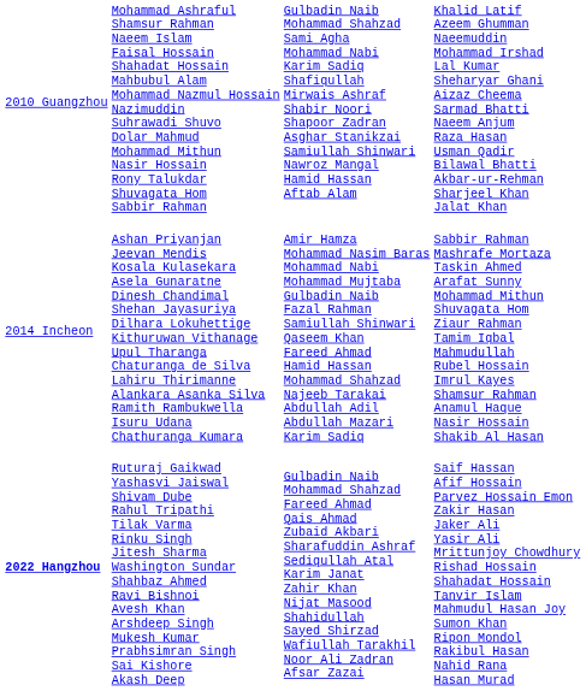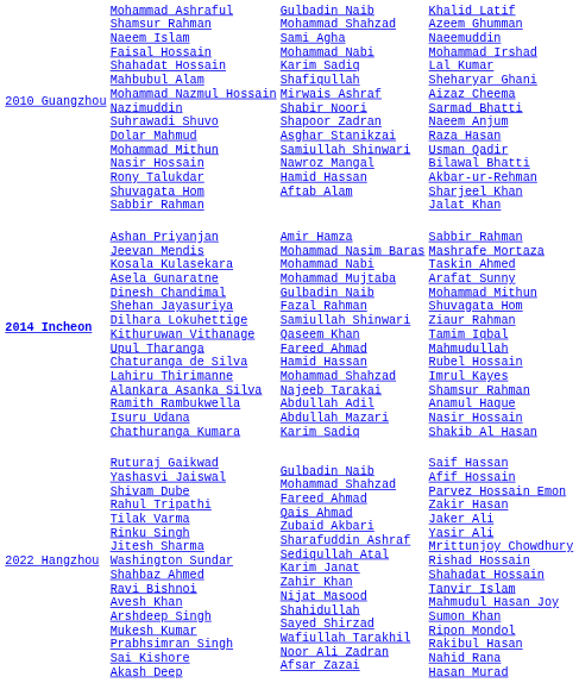 <table>
 <tr>
 <td><a href='#'>2010 Guangzhou</a></td>
 <td><br><a href='#'>Mohammad Ashraful</a><br><a href='#'>Shamsur Rahman</a><br><a href='#'>Naeem Islam</a><br><a href='#'>Faisal Hossain</a><br><a href='#'>Shahadat Hossain</a><br><a href='#'>Mahbubul Alam</a><br><a href='#'>Mohammad Nazmul Hossain</a><br><a href='#'>Nazimuddin</a><br><a href='#'>Suhrawadi Shuvo</a><br><a href='#'>Dolar Mahmud</a><br><a href='#'>Mohammad Mithun</a><br><a href='#'>Nasir Hossain</a><br><a href='#'>Rony Talukdar</a><br><a href='#'>Shuvagata Hom</a><br><a href='#'>Sabbir Rahman</a></td>
 <td valign=top><br><a href='#'>Gulbadin Naib</a><br><a href='#'>Mohammad Shahzad</a><br><a href='#'>Sami Agha</a><br><a href='#'>Mohammad Nabi</a><br><a href='#'>Karim Sadiq</a><br><a href='#'>Shafiqullah</a><br><a href='#'>Mirwais Ashraf</a><br><a href='#'>Shabir Noori</a><br><a href='#'>Shapoor Zadran</a><br><a href='#'>Asghar Stanikzai</a><br><a href='#'>Samiullah Shinwari</a><br><a href='#'>Nawroz Mangal</a><br><a href='#'>Hamid Hassan</a><br><a href='#'>Aftab Alam</a></td>
 <td><br><a href='#'>Khalid Latif</a><br><a href='#'>Azeem Ghumman</a><br><a href='#'>Naeemuddin</a><br><a href='#'>Mohammad Irshad</a><br><a href='#'>Lal Kumar</a><br><a href='#'>Sheharyar Ghani</a><br><a href='#'>Aizaz Cheema</a><br><a href='#'>Sarmad Bhatti</a><br><a href='#'>Naeem Anjum</a><br><a href='#'>Raza Hasan</a><br><a href='#'>Usman Qadir</a><br><a href='#'>Bilawal Bhatti</a><br><a href='#'>Akbar-ur-Rehman</a><br><a href='#'>Sharjeel Khan</a><br><a href='#'>Jalat Khan</a></td>
 </tr>
 <tr>
-<td><a href='#'>2014 Incheon</a></td>
+<td><strong><a href='#'>2014 Incheon</a></strong></td>
 <td><br><a href='#'>Ashan Priyanjan</a><br><a href='#'>Jeevan Mendis</a><br><a href='#'>Kosala Kulasekara</a><br><a href='#'>Asela Gunaratne</a><br><a href='#'>Dinesh Chandimal</a><br><a href='#'>Shehan Jayasuriya</a><br><a href='#'>Dilhara Lokuhettige</a><br><a href='#'>Kithuruwan Vithanage</a><br><a href='#'>Upul Tharanga</a><br><a href='#'>Chaturanga de Silva</a><br><a href='#'>Lahiru Thirimanne</a><br><a href='#'>Alankara Asanka Silva</a><br><a href='#'>Ramith Rambukwella</a><br><a href='#'>Isuru Udana</a><br><a href='#'>Chathuranga Kumara</a></td>
 <td><br><a href='#'>Amir Hamza</a><br><a href='#'>Mohammad Nasim Baras</a><br><a href='#'>Mohammad Nabi</a><br><a href='#'>Mohammad Mujtaba</a><br><a href='#'>Gulbadin Naib</a><br><a href='#'>Fazal Rahman</a><br><a href='#'>Samiullah Shinwari</a><br><a href='#'>Qaseem Khan</a><br><a href='#'>Fareed Ahmad</a><br><a href='#'>Hamid Hassan</a><br><a href='#'>Mohammad Shahzad</a><br><a href='#'>Najeeb Tarakai</a><br><a href='#'>Abdullah Adil</a><br><a href='#'>Abdullah Mazari</a><br><a href='#'>Karim Sadiq</a></td>
 <td><br><a href='#'>Sabbir Rahman</a><br><a href='#'>Mashrafe Mortaza</a><br><a href='#'>Taskin Ahmed</a><br><a href='#'>Arafat Sunny</a><br><a href='#'>Mohammad Mithun</a><br><a href='#'>Shuvagata Hom</a><br><a href='#'>Ziaur Rahman</a><br><a href='#'>Tamim Iqbal</a><br><a href='#'>Mahmudullah</a><br><a href='#'>Rubel Hossain</a><br><a href='#'>Imrul Kayes</a><br><a href='#'>Shamsur Rahman</a><br><a href='#'>Anamul Haque</a><br><a href='#'>Nasir Hossain</a><br><a href='#'>Shakib Al Hasan</a></td>
 </tr>
 <tr>
-<td><strong><a href='#'>2022 Hangzhou</a></strong></td>
+<td><a href='#'>2022 Hangzhou</a></td>
 <td><br><a href='#'>Ruturaj Gaikwad</a><br><a href='#'>Yashasvi Jaiswal</a><br><a href='#'>Shivam Dube</a><br><a href='#'>Rahul Tripathi</a><br><a href='#'>Tilak Varma</a><br><a href='#'>Rinku Singh</a><br><a href='#'>Jitesh Sharma</a><br><a href='#'>Washington Sundar</a><br><a href='#'>Shahbaz Ahmed</a><br><a href='#'>Ravi Bishnoi</a><br><a href='#'>Avesh Khan</a><br><a href='#'>Arshdeep Singh</a><br><a href='#'>Mukesh Kumar</a><br><a href='#'>Prabhsimran Singh</a><br><a href='#'>Sai Kishore</a><br><a href='#'>Akash Deep</a></td>
 <td><br><a href='#'>Gulbadin Naib</a><br><a href='#'>Mohammad Shahzad</a><br><a href='#'>Fareed Ahmad</a><br><a href='#'>Qais Ahmad</a><br><a href='#'>Zubaid Akbari</a><br><a href='#'>Sharafuddin Ashraf</a><br><a href='#'>Sediqullah Atal</a><br><a href='#'>Karim Janat</a><br><a href='#'>Zahir Khan</a><br><a href='#'>Nijat Masood</a><br><a href='#'>Shahidullah</a><br><a href='#'>Sayed Shirzad</a><br><a href='#'>Wafiullah Tarakhil</a><br><a href='#'>Noor Ali Zadran</a><br><a href='#'>Afsar Zazai</a></td>
 <td><br><a href='#'>Saif Hassan</a><br><a href='#'>Afif Hossain</a><br><a href='#'>Parvez Hossain Emon</a><br><a href='#'>Zakir Hasan</a><br><a href='#'>Jaker Ali</a><br><a href='#'>Yasir Ali</a><br><a href='#'>Mrittunjoy Chowdhury</a><br><a href='#'>Rishad Hossain</a><br><a href='#'>Shahadat Hossain</a><br><a href='#'>Tanvir Islam</a><br><a href='#'>Mahmudul Hasan Joy</a><br><a href='#'>Sumon Khan</a> <br><a href='#'>Ripon Mondol</a><br><a href='#'>Rakibul Hasan</a><br><a href='#'>Nahid Rana</a><br><a href='#'>Hasan Murad</a></td>
 </tr>
 </table>
